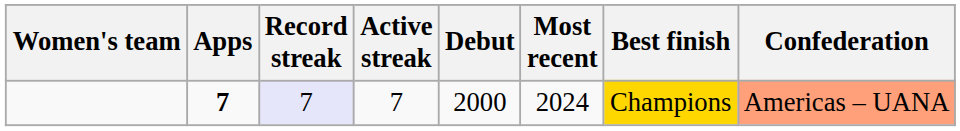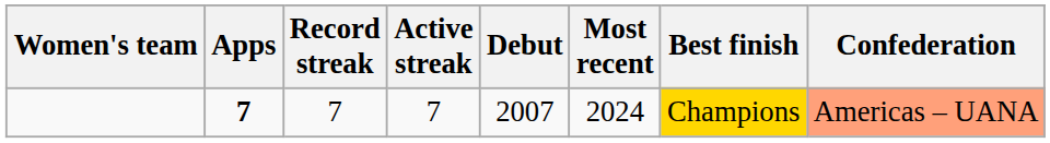 <table class="wikitable" style="text-align: center; font-size: 90%; margin-left: 1em;">
 <tr>
 <th>Women's team</th>
 <th>Apps</th>
 <th>Record<br>streak</th>
 <th>Active<br>streak</th>
 <th>Debut</th>
 <th>Most<br>recent</th>
 <th>Best finish</th>
 <th>Confederation</th>
 </tr>
 <tr>
 <td style="text-align: left;"></td>
 <td><strong>7</strong></td>
-<td style="background: lavender;">7</td>
 <td>7</td>
-<td>2000</td>
+<td>7</td>
+<td>2007</td>
 <td>2024</td>
 <td style="background-color: gold;">Champions</td>
 <td style="background: lightsalmon;">Americas – UANA</td>
 </tr>
 </table>
